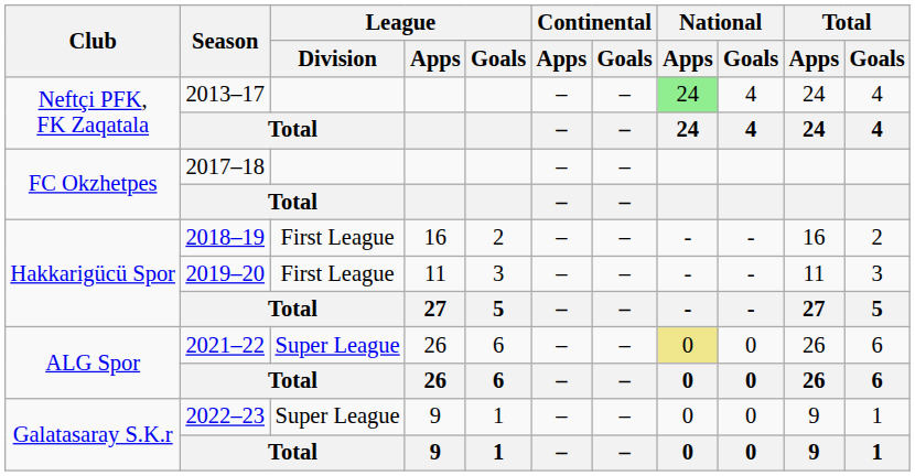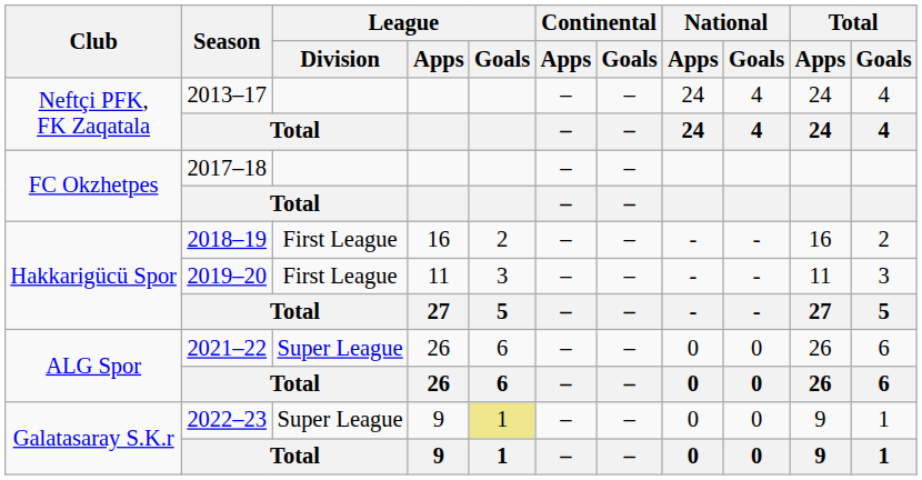 <table class="wikitable" style="text-align: center;">
 <tr>
 <th rowspan="2">Club</th>
 <th rowspan="2">Season</th>
 <th colspan="3">League</th>
 <th colspan="2">Continental</th>
 <th colspan="2">National</th>
 <th colspan="2">Total</th>
 </tr>
 <tr>
 <th>Division</th>
 <th>Apps</th>
 <th>Goals</th>
 <th>Apps</th>
 <th>Goals</th>
 <th>Apps</th>
 <th>Goals</th>
 <th>Apps</th>
 <th>Goals</th>
 </tr>
 <tr>
 <td rowspan=2><a href='#'>Neftçi PFK</a>,<br><a href='#'>FK Zaqatala</a></td>
 <td>2013–17</td>
 <td></td>
 <td></td>
 <td></td>
 <td>–</td>
 <td>–</td>
-<td style="background: lightgreen;">24</td>
+<td>24</td>
 <td>4</td>
 <td>24</td>
 <td>4</td>
 </tr>
 <tr>
 <th colspan="2">Total</th>
 <th></th>
 <th></th>
 <th>–</th>
 <th>–</th>
 <th>24</th>
 <th>4</th>
 <th>24</th>
 <th>4</th>
 </tr>
 <tr>
 <td rowspan=2><a href='#'>FC Okzhetpes</a></td>
 <td>2017–18</td>
 <td></td>
 <td></td>
 <td></td>
 <td>–</td>
 <td>–</td>
 <td></td>
 <td></td>
 <td></td>
 <td></td>
 </tr>
 <tr>
 <th colspan="2">Total</th>
 <th></th>
 <th></th>
 <th>–</th>
 <th>–</th>
 <th></th>
 <th></th>
 <th></th>
 <th></th>
 </tr>
 <tr>
 <td rowspan=3><a href='#'>Hakkarigücü Spor</a></td>
 <td><a href='#'>2018–19</a></td>
 <td>First League</td>
 <td>16</td>
 <td>2</td>
 <td>–</td>
 <td>–</td>
 <td>-</td>
 <td>-</td>
 <td>16</td>
 <td>2</td>
 </tr>
 <tr>
 <td><a href='#'>2019–20</a></td>
 <td>First League</td>
 <td>11</td>
 <td>3</td>
 <td>–</td>
 <td>–</td>
 <td>-</td>
 <td>-</td>
 <td>11</td>
 <td>3</td>
 </tr>
 <tr>
 <th colspan="2">Total</th>
 <th>27</th>
 <th>5</th>
 <th>–</th>
 <th>–</th>
 <th>-</th>
 <th>-</th>
 <th>27</th>
 <th>5</th>
 </tr>
 <tr>
 <td rowspan=2><a href='#'>ALG Spor</a></td>
 <td><a href='#'>2021–22</a></td>
 <td><a href='#'>Super League</a></td>
 <td>26</td>
 <td>6</td>
 <td>–</td>
 <td>–</td>
-<td style="background: khaki;">0</td>
+<td>0</td>
 <td>0</td>
 <td>26</td>
 <td>6</td>
 </tr>
 <tr>
 <th colspan="2">Total</th>
 <th>26</th>
 <th>6</th>
 <th>–</th>
 <th>–</th>
 <th>0</th>
 <th>0</th>
 <th>26</th>
 <th>6</th>
 </tr>
 <tr>
 <td rowspan=2><a href='#'>Galatasaray S.K.r</a></td>
 <td><a href='#'>2022–23</a></td>
 <td>Super League</td>
 <td>9</td>
-<td>1</td>
+<td style="background: khaki;">1</td>
 <td>–</td>
 <td>–</td>
 <td>0</td>
 <td>0</td>
 <td>9</td>
 <td>1</td>
 </tr>
 <tr>
 <th colspan="2">Total</th>
 <th>9</th>
 <th>1</th>
 <th>–</th>
 <th>–</th>
 <th>0</th>
 <th>0</th>
 <th>9</th>
 <th>1</th>
 </tr>
 </table>
